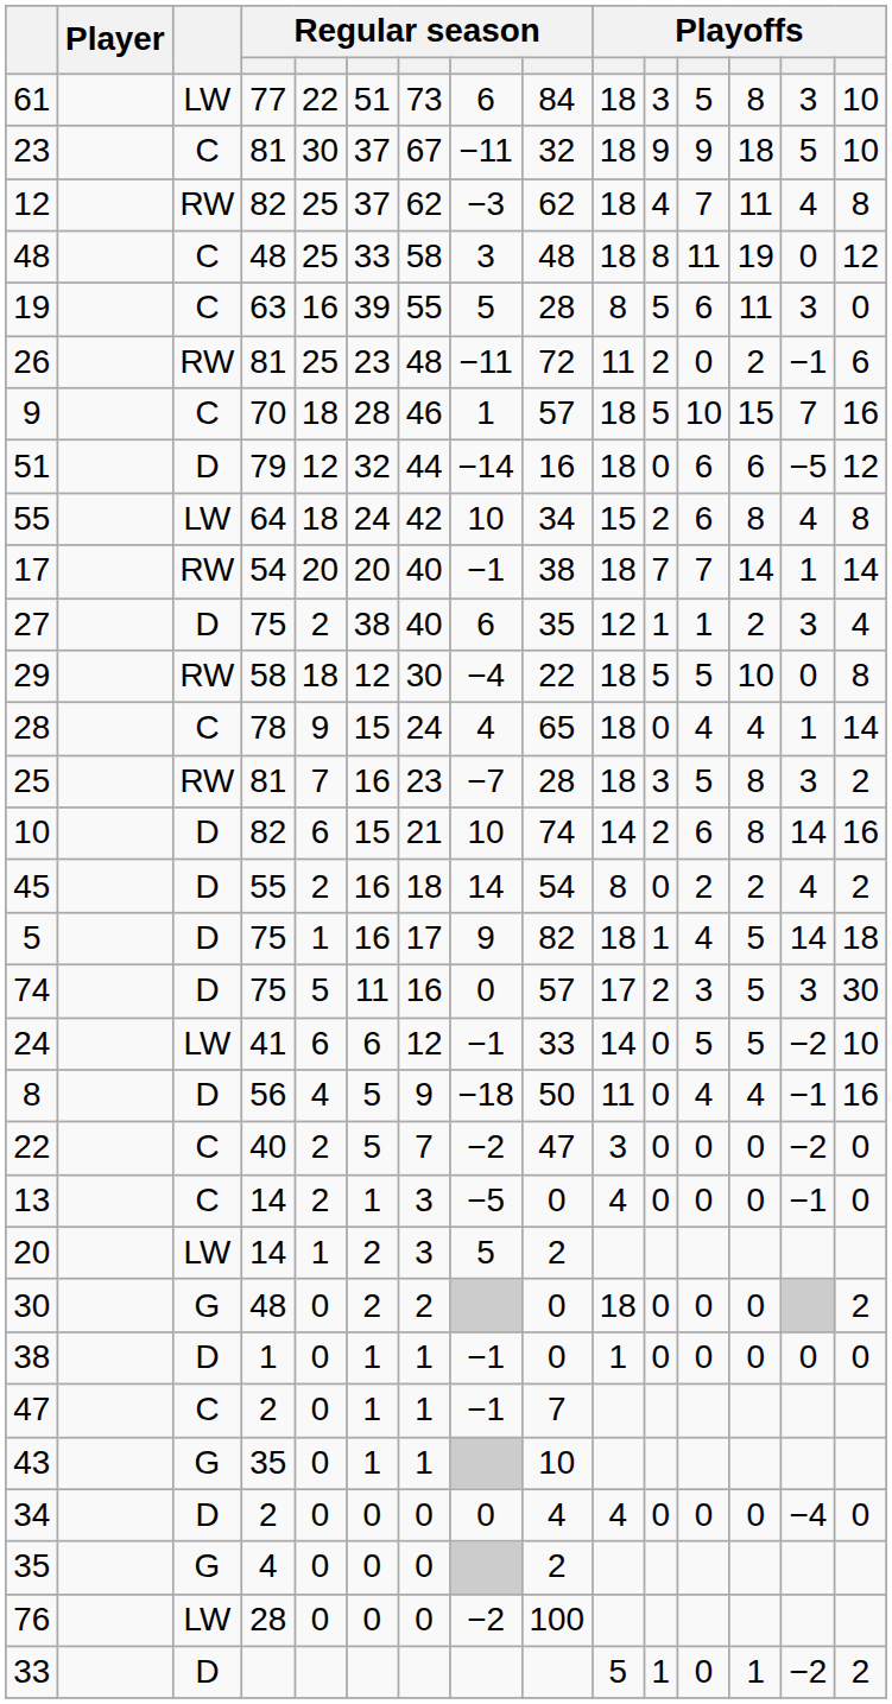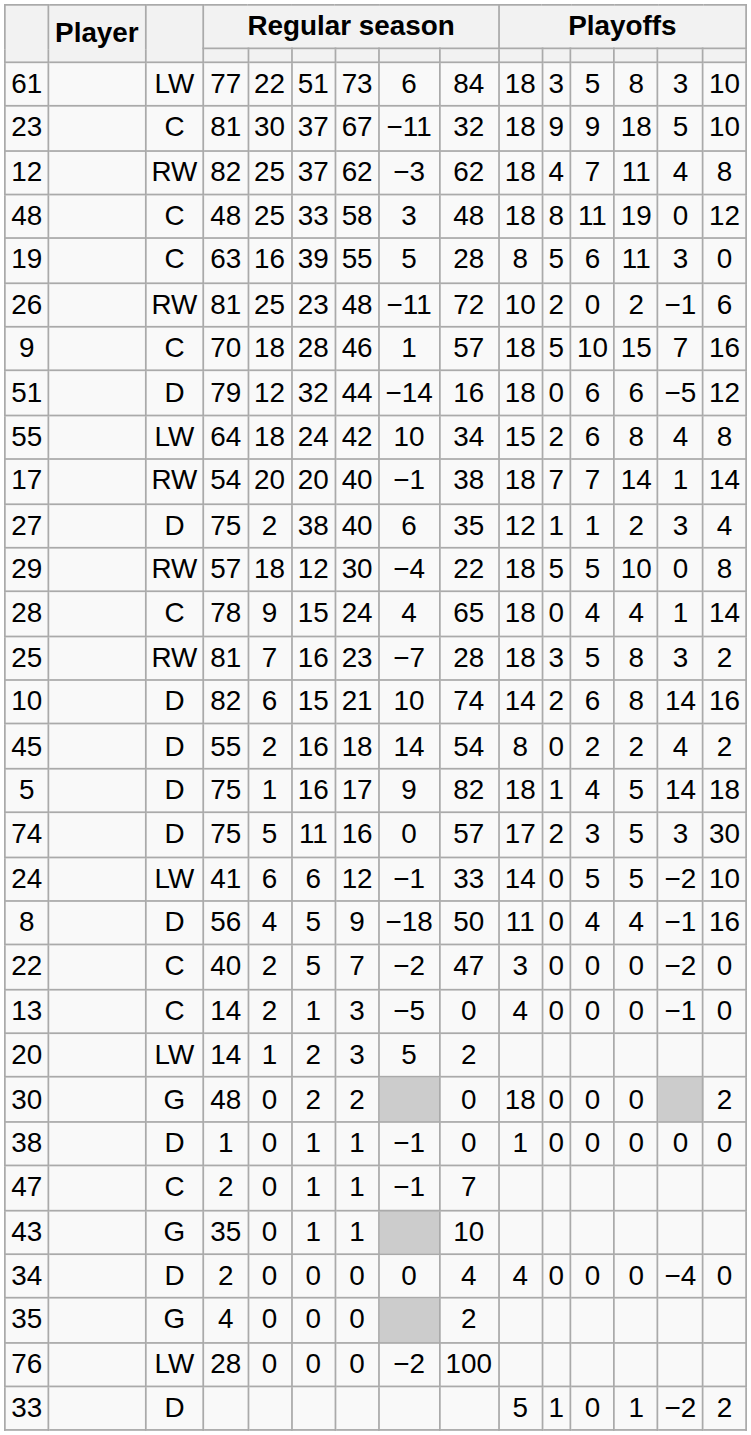 <table class="wikitable sortable plainrowheaders" style="text-align:center;">
 <tr>
 <th scope="col" data-sort-type="number" rowspan="2"></th>
 <th scope="col" rowspan="2">Player</th>
 <th scope="col" rowspan="2"></th>
 <th scope=colgroup colspan=6>Regular season</th>
 <th scope=colgroup colspan=6>Playoffs</th>
 </tr>
 <tr>
 <th scope="col" data-sort-type="number"></th>
 <th scope="col" data-sort-type="number"></th>
 <th scope="col" data-sort-type="number"></th>
 <th scope="col" data-sort-type="number"></th>
 <th scope="col" data-sort-type="number"></th>
 <th scope="col" data-sort-type="number"></th>
 <th scope="col" data-sort-type="number"></th>
 <th scope="col" data-sort-type="number"></th>
 <th scope="col" data-sort-type="number"></th>
 <th scope="col" data-sort-type="number"></th>
 <th scope="col" data-sort-type="number"></th>
 <th scope="col" data-sort-type="number"></th>
 </tr>
 <tr>
 <td scope="row">61</td>
 <td align="left"></td>
 <td>LW</td>
 <td>77</td>
 <td>22</td>
 <td>51</td>
 <td>73</td>
 <td>6</td>
 <td>84</td>
 <td>18</td>
 <td>3</td>
 <td>5</td>
 <td>8</td>
 <td>3</td>
 <td>10</td>
 </tr>
 <tr>
 <td scope="row">23</td>
 <td align="left"></td>
 <td>C</td>
 <td>81</td>
 <td>30</td>
 <td>37</td>
 <td>67</td>
 <td>−11</td>
 <td>32</td>
 <td>18</td>
 <td>9</td>
 <td>9</td>
 <td>18</td>
 <td>5</td>
 <td>10</td>
 </tr>
 <tr>
 <td scope="row">12</td>
 <td align="left"></td>
 <td>RW</td>
 <td>82</td>
 <td>25</td>
 <td>37</td>
 <td>62</td>
 <td>−3</td>
 <td>62</td>
 <td>18</td>
 <td>4</td>
 <td>7</td>
 <td>11</td>
 <td>4</td>
 <td>8</td>
 </tr>
 <tr>
 <td scope="row">48</td>
 <td align="left"></td>
 <td>C</td>
 <td>48</td>
 <td>25</td>
 <td>33</td>
 <td>58</td>
 <td>3</td>
 <td>48</td>
 <td>18</td>
 <td>8</td>
 <td>11</td>
 <td>19</td>
 <td>0</td>
 <td>12</td>
 </tr>
 <tr>
 <td scope="row">19</td>
 <td align="left"></td>
 <td>C</td>
 <td>63</td>
 <td>16</td>
 <td>39</td>
 <td>55</td>
 <td>5</td>
 <td>28</td>
 <td>8</td>
 <td>5</td>
 <td>6</td>
 <td>11</td>
 <td>3</td>
 <td>0</td>
 </tr>
 <tr>
 <td scope="row">26</td>
 <td align="left"></td>
 <td>RW</td>
 <td>81</td>
 <td>25</td>
 <td>23</td>
 <td>48</td>
 <td>−11</td>
 <td>72</td>
-<td>11</td>
+<td>10</td>
 <td>2</td>
 <td>0</td>
 <td>2</td>
 <td>−1</td>
 <td>6</td>
 </tr>
 <tr>
 <td scope="row">9</td>
 <td align="left"></td>
 <td>C</td>
 <td>70</td>
 <td>18</td>
 <td>28</td>
 <td>46</td>
 <td>1</td>
 <td>57</td>
 <td>18</td>
 <td>5</td>
 <td>10</td>
 <td>15</td>
 <td>7</td>
 <td>16</td>
 </tr>
 <tr>
 <td scope="row">51</td>
 <td align="left"></td>
 <td>D</td>
 <td>79</td>
 <td>12</td>
 <td>32</td>
 <td>44</td>
 <td>−14</td>
 <td>16</td>
 <td>18</td>
 <td>0</td>
 <td>6</td>
 <td>6</td>
 <td>−5</td>
 <td>12</td>
 </tr>
 <tr>
 <td scope="row">55</td>
 <td align="left"></td>
 <td>LW</td>
 <td>64</td>
 <td>18</td>
 <td>24</td>
 <td>42</td>
 <td>10</td>
 <td>34</td>
 <td>15</td>
 <td>2</td>
 <td>6</td>
 <td>8</td>
 <td>4</td>
 <td>8</td>
 </tr>
 <tr>
 <td scope="row">17</td>
 <td align="left"></td>
 <td>RW</td>
 <td>54</td>
 <td>20</td>
 <td>20</td>
 <td>40</td>
 <td>−1</td>
 <td>38</td>
 <td>18</td>
 <td>7</td>
 <td>7</td>
 <td>14</td>
 <td>1</td>
 <td>14</td>
 </tr>
 <tr>
 <td scope="row">27</td>
 <td align="left"></td>
 <td>D</td>
 <td>75</td>
 <td>2</td>
 <td>38</td>
 <td>40</td>
 <td>6</td>
 <td>35</td>
 <td>12</td>
 <td>1</td>
 <td>1</td>
 <td>2</td>
 <td>3</td>
 <td>4</td>
 </tr>
 <tr>
 <td scope="row">29</td>
 <td align="left"></td>
 <td>RW</td>
-<td>58</td>
+<td>57</td>
 <td>18</td>
 <td>12</td>
 <td>30</td>
 <td>−4</td>
 <td>22</td>
 <td>18</td>
 <td>5</td>
 <td>5</td>
 <td>10</td>
 <td>0</td>
 <td>8</td>
 </tr>
 <tr>
 <td scope="row">28</td>
 <td align="left"></td>
 <td>C</td>
 <td>78</td>
 <td>9</td>
 <td>15</td>
 <td>24</td>
 <td>4</td>
 <td>65</td>
 <td>18</td>
 <td>0</td>
 <td>4</td>
 <td>4</td>
 <td>1</td>
 <td>14</td>
 </tr>
 <tr>
 <td scope="row">25</td>
 <td align="left"></td>
 <td>RW</td>
 <td>81</td>
 <td>7</td>
 <td>16</td>
 <td>23</td>
 <td>−7</td>
 <td>28</td>
 <td>18</td>
 <td>3</td>
 <td>5</td>
 <td>8</td>
 <td>3</td>
 <td>2</td>
 </tr>
 <tr>
 <td scope="row">10</td>
 <td align="left"></td>
 <td>D</td>
 <td>82</td>
 <td>6</td>
 <td>15</td>
 <td>21</td>
 <td>10</td>
 <td>74</td>
 <td>14</td>
 <td>2</td>
 <td>6</td>
 <td>8</td>
 <td>14</td>
 <td>16</td>
 </tr>
 <tr>
 <td scope="row">45</td>
 <td align="left"></td>
 <td>D</td>
 <td>55</td>
 <td>2</td>
 <td>16</td>
 <td>18</td>
 <td>14</td>
 <td>54</td>
 <td>8</td>
 <td>0</td>
 <td>2</td>
 <td>2</td>
 <td>4</td>
 <td>2</td>
 </tr>
 <tr>
 <td scope="row">5</td>
 <td align="left"></td>
 <td>D</td>
 <td>75</td>
 <td>1</td>
 <td>16</td>
 <td>17</td>
 <td>9</td>
 <td>82</td>
 <td>18</td>
 <td>1</td>
 <td>4</td>
 <td>5</td>
 <td>14</td>
 <td>18</td>
 </tr>
 <tr>
 <td scope="row">74</td>
 <td align="left"></td>
 <td>D</td>
 <td>75</td>
 <td>5</td>
 <td>11</td>
 <td>16</td>
 <td>0</td>
 <td>57</td>
 <td>17</td>
 <td>2</td>
 <td>3</td>
 <td>5</td>
 <td>3</td>
 <td>30</td>
 </tr>
 <tr>
 <td scope="row">24</td>
 <td align="left"></td>
 <td>LW</td>
 <td>41</td>
 <td>6</td>
 <td>6</td>
 <td>12</td>
 <td>−1</td>
 <td>33</td>
 <td>14</td>
 <td>0</td>
 <td>5</td>
 <td>5</td>
 <td>−2</td>
 <td>10</td>
 </tr>
 <tr>
 <td scope="row">8</td>
 <td align="left"></td>
 <td>D</td>
 <td>56</td>
 <td>4</td>
 <td>5</td>
 <td>9</td>
 <td>−18</td>
 <td>50</td>
 <td>11</td>
 <td>0</td>
 <td>4</td>
 <td>4</td>
 <td>−1</td>
 <td>16</td>
 </tr>
 <tr>
 <td scope="row">22</td>
 <td align="left"></td>
 <td>C</td>
 <td>40</td>
 <td>2</td>
 <td>5</td>
 <td>7</td>
 <td>−2</td>
 <td>47</td>
 <td>3</td>
 <td>0</td>
 <td>0</td>
 <td>0</td>
 <td>−2</td>
 <td>0</td>
 </tr>
 <tr>
 <td scope="row">13</td>
 <td align="left"></td>
 <td>C</td>
 <td>14</td>
 <td>2</td>
 <td>1</td>
 <td>3</td>
 <td>−5</td>
 <td>0</td>
 <td>4</td>
 <td>0</td>
 <td>0</td>
 <td>0</td>
 <td>−1</td>
 <td>0</td>
 </tr>
 <tr>
 <td scope="row">20</td>
 <td align="left"></td>
 <td>LW</td>
 <td>14</td>
 <td>1</td>
 <td>2</td>
 <td>3</td>
 <td>5</td>
 <td>2</td>
 <td></td>
 <td></td>
 <td></td>
 <td></td>
 <td></td>
 <td></td>
 </tr>
 <tr>
 <td scope="row">30</td>
 <td align="left"></td>
 <td>G</td>
 <td>48</td>
 <td>0</td>
 <td>2</td>
 <td>2</td>
 <td style="background:#ccc"></td>
 <td>0</td>
 <td>18</td>
 <td>0</td>
 <td>0</td>
 <td>0</td>
 <td style="background:#ccc"></td>
 <td>2</td>
 </tr>
 <tr>
 <td scope="row">38</td>
 <td align="left"></td>
 <td>D</td>
 <td>1</td>
 <td>0</td>
 <td>1</td>
 <td>1</td>
 <td>−1</td>
 <td>0</td>
 <td>1</td>
 <td>0</td>
 <td>0</td>
 <td>0</td>
 <td>0</td>
 <td>0</td>
 </tr>
 <tr>
 <td scope="row">47</td>
 <td align="left"></td>
 <td>C</td>
 <td>2</td>
 <td>0</td>
 <td>1</td>
 <td>1</td>
 <td>−1</td>
 <td>7</td>
 <td></td>
 <td></td>
 <td></td>
 <td></td>
 <td></td>
 <td></td>
 </tr>
 <tr>
 <td scope="row">43</td>
 <td align="left"></td>
 <td>G</td>
 <td>35</td>
 <td>0</td>
 <td>1</td>
 <td>1</td>
 <td style="background:#ccc"></td>
 <td>10</td>
 <td></td>
 <td></td>
 <td></td>
 <td></td>
 <td></td>
 <td></td>
 </tr>
 <tr>
 <td scope="row">34</td>
 <td align="left"></td>
 <td>D</td>
 <td>2</td>
 <td>0</td>
 <td>0</td>
 <td>0</td>
 <td>0</td>
 <td>4</td>
 <td>4</td>
 <td>0</td>
 <td>0</td>
 <td>0</td>
 <td>−4</td>
 <td>0</td>
 </tr>
 <tr>
 <td scope="row">35</td>
 <td align="left"></td>
 <td>G</td>
 <td>4</td>
 <td>0</td>
 <td>0</td>
 <td>0</td>
 <td style="background:#ccc"></td>
 <td>2</td>
 <td></td>
 <td></td>
 <td></td>
 <td></td>
 <td></td>
 <td></td>
 </tr>
 <tr>
 <td scope="row">76</td>
 <td align="left"></td>
 <td>LW</td>
 <td>28</td>
 <td>0</td>
 <td>0</td>
 <td>0</td>
 <td>−2</td>
 <td>100</td>
 <td></td>
 <td></td>
 <td></td>
 <td></td>
 <td></td>
 <td></td>
 </tr>
 <tr>
 <td scope="row">33</td>
 <td align="left"></td>
 <td>D</td>
 <td></td>
 <td></td>
 <td></td>
 <td></td>
 <td></td>
 <td></td>
 <td>5</td>
 <td>1</td>
 <td>0</td>
 <td>1</td>
 <td>−2</td>
 <td>2</td>
 </tr>
 </table>
